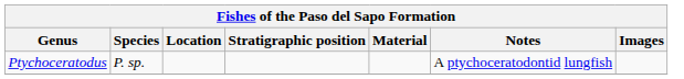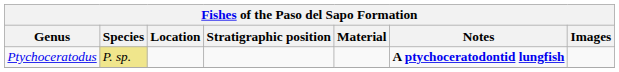 <table class="wikitable" align="center">
 <tr>
 <th colspan="7" align="center"><a href='#'>Fishes</a> of the Paso del Sapo Formation</th>
 </tr>
 <tr>
 <th>Genus</th>
 <th>Species</th>
 <th>Location</th>
 <th>Stratigraphic position</th>
 <th>Material</th>
 <th>Notes</th>
 <th>Images</th>
 </tr>
 <tr>
 <td><em><a href='#'>Ptychoceratodus</a></em></td>
-<td><em>P. sp.</em></td>
+<td style="background: khaki;"><em>P. sp.</em></td>
 <td></td>
 <td></td>
 <td></td>
-<td>A <a href='#'>ptychoceratodontid</a> <a href='#'>lungfish</a></td>
+<td><strong>A <a href='#'>ptychoceratodontid</a> <a href='#'>lungfish</a></strong></td>
 <td></td>
 </tr>
 <tr>
 </tr>
 </table>
